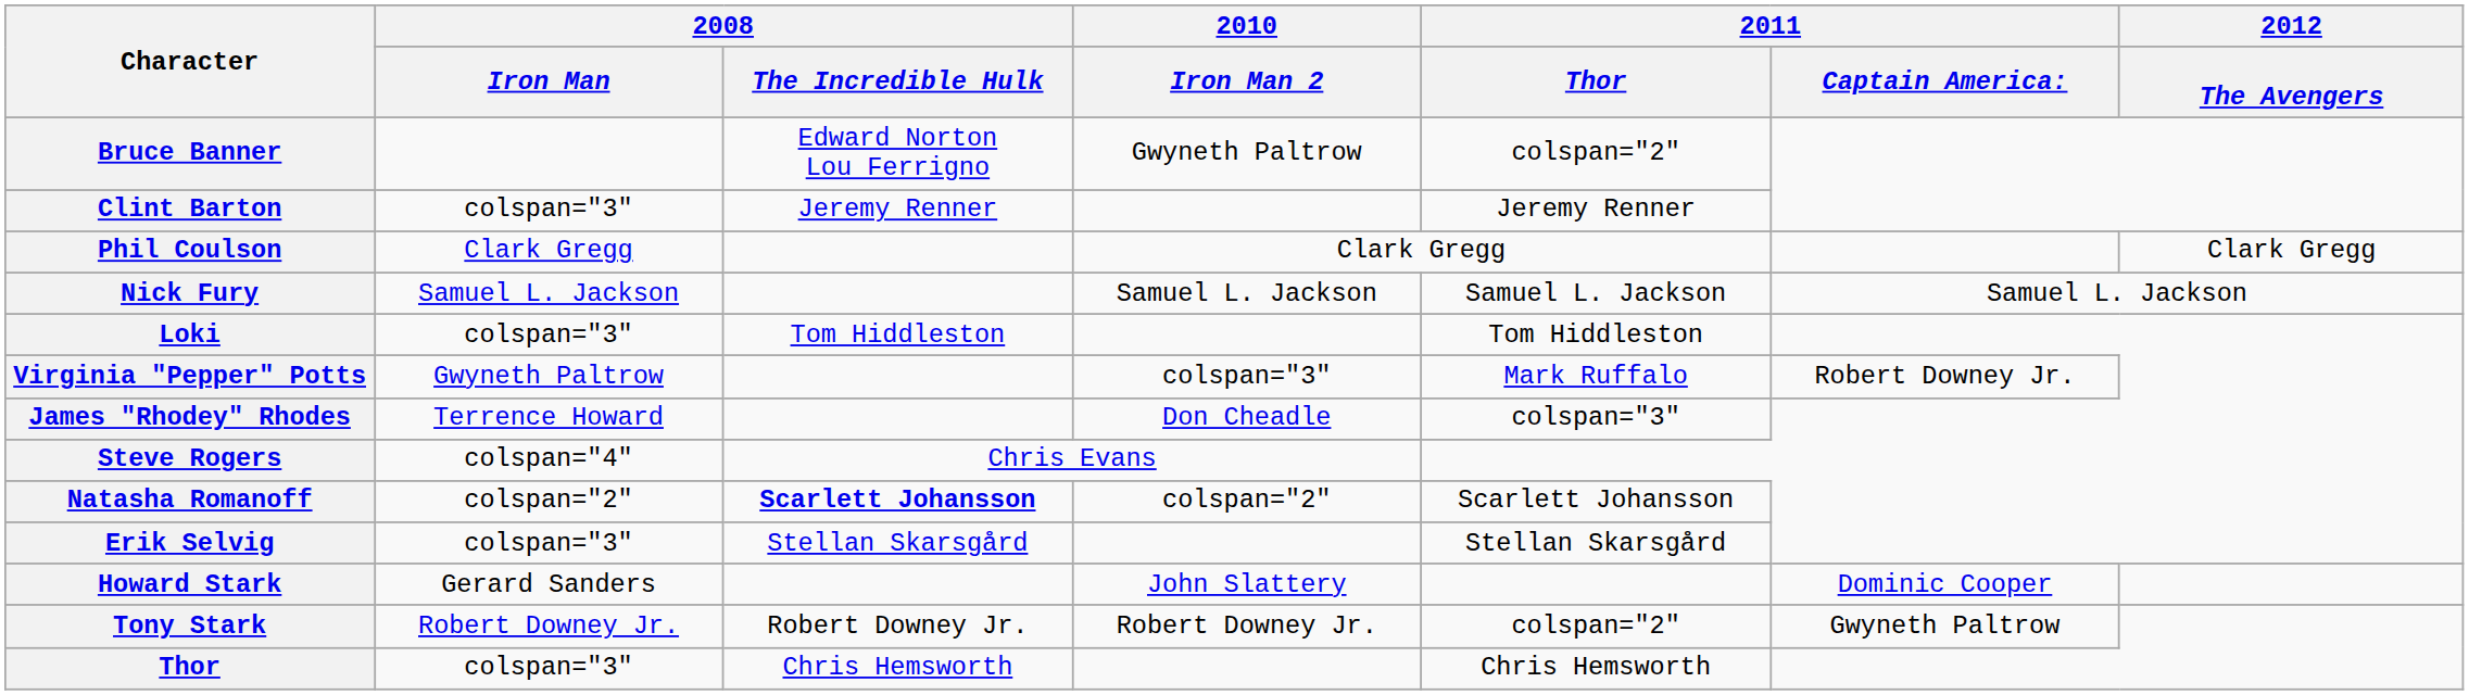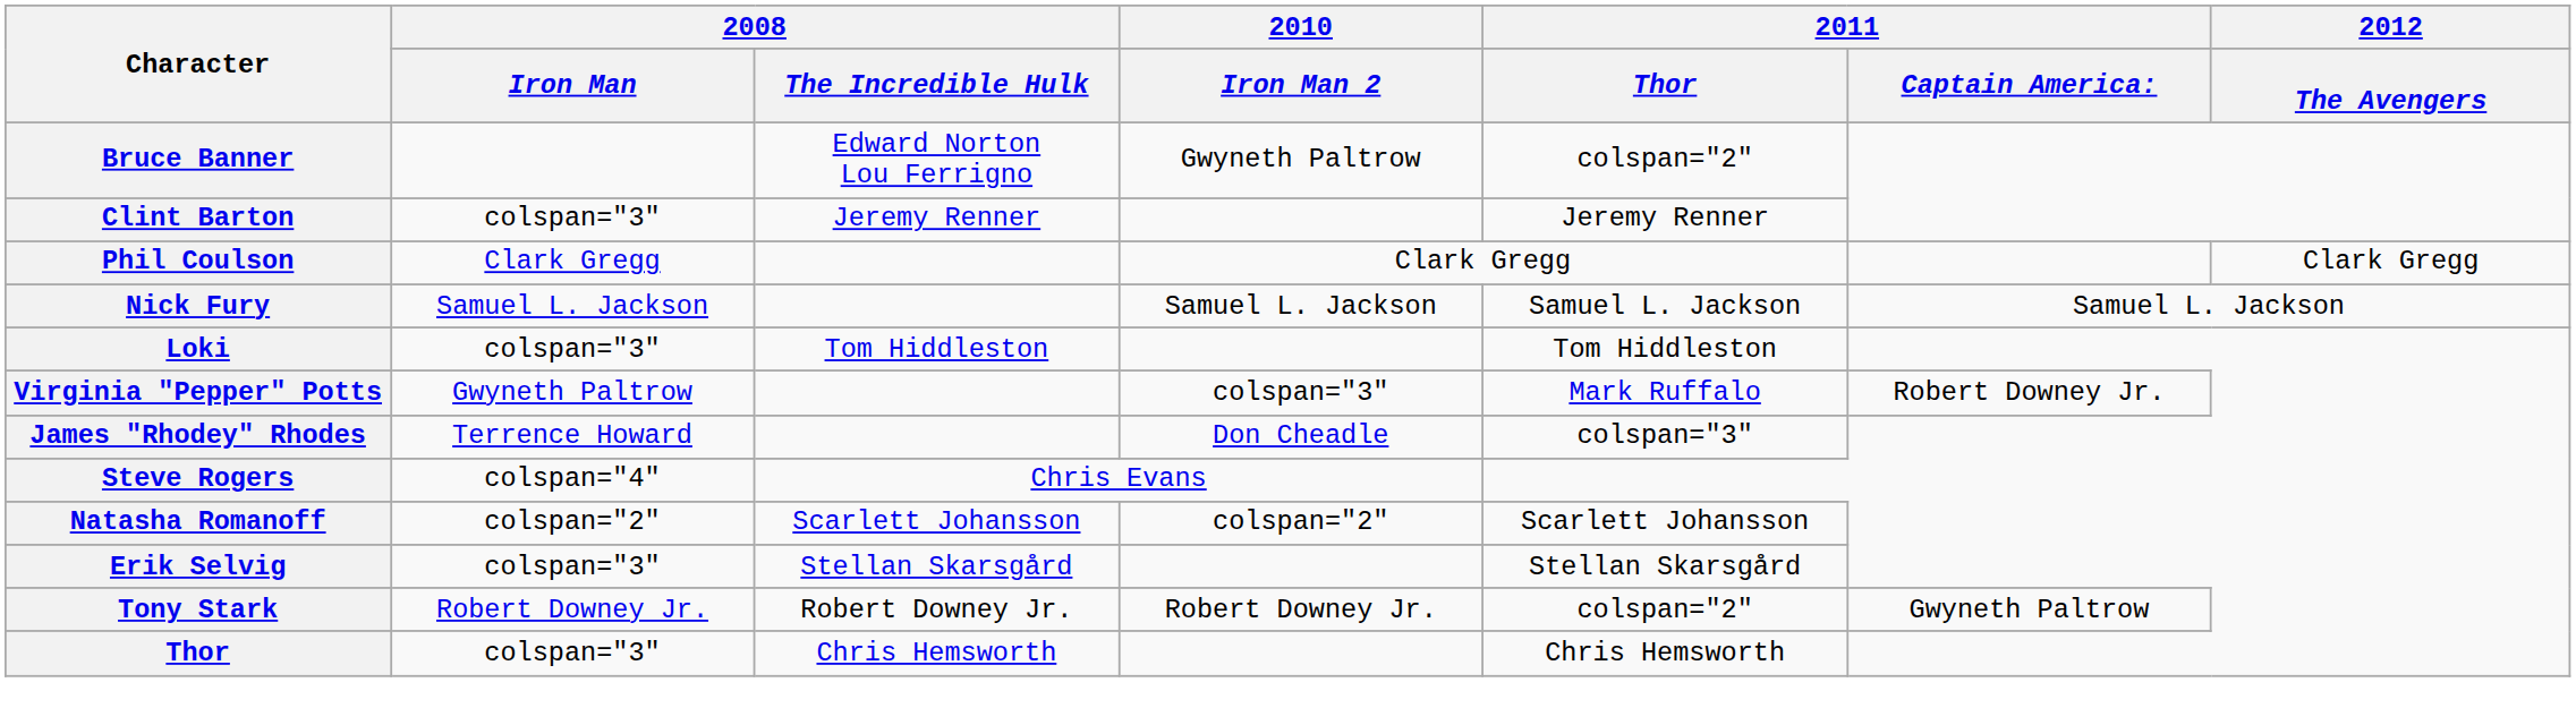 <table class="wikitable" style="text-align: center; width: 99%;">
 <tr>
 <th scope="col" rowspan="2" style="width: 15%;">Character</th>
 <th scope="colgroup" colspan="2"><a href='#'>2008</a></th>
 <th scope="colgroup"><a href='#'>2010</a></th>
 <th scope="colgroup" colspan="2"><a href='#'>2011</a></th>
 <th scope="colgroup"><a href='#'>2012</a></th>
 </tr>
 <tr>
 <th scope="col" style="width: 14.2%;"><em><a href='#'>Iron Man</a></em></th>
 <th scope="col" style="width: 14.2%;"><em><a href='#'>The Incredible Hulk</a></em></th>
 <th scope="col" style="width: 14.2%;"><em><a href='#'>Iron Man 2</a></em></th>
 <th scope="col" style="width: 14.2%;"><em><a href='#'>Thor</a></em></th>
 <th scope="col" style="width: 14.2%;"><em><a href='#'>Captain America:<br></a></em></th>
 <th scope="col" style="width: 14.2%;"><em><a href='#'><br>The Avengers</a></em></th>
 </tr>
 <tr>
 <th scope="row"><a href='#'>Bruce Banner<br></a></th>
 <td></td>
 <td><a href='#'>Edward Norton</a><br><a href='#'>Lou Ferrigno</a></td>
 <td>Gwyneth Paltrow</td>
 <td>colspan="2" </td>
 </tr>
 <tr>
 <th scope="row"><a href='#'>Clint Barton<br></a></th>
 <td>colspan="3" </td>
 <td><a href='#'>Jeremy Renner</a></td>
 <td></td>
 <td>Jeremy Renner</td>
 </tr>
 <tr>
 <th scope="row"><a href='#'>Phil Coulson</a></th>
 <td><a href='#'>Clark Gregg</a></td>
 <td></td>
 <td colspan="2">Clark Gregg</td>
 <td></td>
 <td>Clark Gregg</td>
 </tr>
 <tr>
 <th scope="row"><a href='#'>Nick Fury</a></th>
 <td><a href='#'>Samuel L. Jackson</a></td>
 <td></td>
 <td>Samuel L. Jackson</td>
 <td>Samuel L. Jackson</td>
 <td colspan="2">Samuel L. Jackson</td>
 </tr>
 <tr>
 <th scope="row"><a href='#'>Loki</a></th>
 <td>colspan="3" </td>
 <td><a href='#'>Tom Hiddleston</a></td>
 <td></td>
 <td>Tom Hiddleston</td>
 </tr>
 <tr>
 <th scope="row"><a href='#'>Virginia "Pepper" Potts</a></th>
 <td><a href='#'>Gwyneth Paltrow</a></td>
 <td></td>
 <td>colspan="3" </td>
 <td><a href='#'>Mark Ruffalo</a></td>
 <td>Robert Downey Jr.</td>
 </tr>
 <tr>
 <th scope="row"><a href='#'>James "Rhodey" Rhodes<br></a></th>
 <td><a href='#'>Terrence Howard</a></td>
 <td></td>
 <td><a href='#'>Don Cheadle</a></td>
 <td>colspan="3" </td>
 </tr>
 <tr>
 <th scope="row"><a href='#'>Steve Rogers<br></a></th>
 <td>colspan="4" </td>
 <td colspan="2"><a href='#'>Chris Evans</a></td>
 </tr>
 <tr>
 <th scope="row"><a href='#'>Natasha Romanoff<br></a></th>
 <td>colspan="2" </td>
-<td><strong><a href='#'>Scarlett Johansson</a></strong></td>
+<td><a href='#'>Scarlett Johansson</a></td>
 <td>colspan="2" </td>
 <td>Scarlett Johansson</td>
 </tr>
 <tr>
 <th scope="row"><a href='#'>Erik Selvig</a></th>
 <td>colspan="3" </td>
 <td><a href='#'>Stellan Skarsgård</a></td>
 <td></td>
 <td>Stellan Skarsgård</td>
-</tr>
-<tr>
-<th scope="row"><a href='#'>Howard Stark</a></th>
-<td>Gerard Sanders</td>
-<td></td>
-<td><a href='#'>John Slattery</a></td>
-<td></td>
-<td><a href='#'>Dominic Cooper</a></td>
-<td></td>
 </tr>
 <tr>
 <th scope="row"><a href='#'>Tony Stark<br></a></th>
 <td><a href='#'>Robert Downey Jr.</a></td>
 <td>Robert Downey Jr.</td>
 <td>Robert Downey Jr.</td>
 <td>colspan="2" </td>
 <td>Gwyneth Paltrow</td>
 </tr>
 <tr>
 <th scope="row"><a href='#'>Thor</a></th>
 <td>colspan="3" </td>
 <td><a href='#'>Chris Hemsworth</a></td>
 <td></td>
 <td>Chris Hemsworth</td>
 </tr>
 </table>
